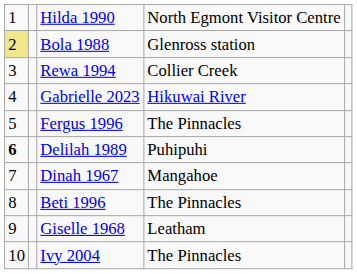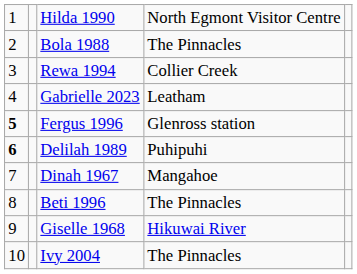 <table class="wikitable">
 <tr>
 <td>1</td>
 <td></td>
 <td><a href='#'>Hilda 1990</a></td>
 <td>North Egmont Visitor Centre</td>
 <td></td>
 </tr>
 <tr>
-<td style="background: khaki;">2</td>
+<td>2</td>
 <td></td>
 <td><a href='#'>Bola 1988</a></td>
-<td>Glenross station</td>
+<td>The Pinnacles</td>
 <td></td>
 </tr>
 <tr>
 <td>3</td>
 <td></td>
 <td><a href='#'>Rewa 1994</a></td>
 <td>Collier Creek</td>
 <td></td>
 </tr>
 <tr>
 <td>4</td>
 <td></td>
 <td><a href='#'>Gabrielle 2023</a></td>
-<td><a href='#'>Hikuwai River</a></td>
+<td>Leatham</td>
 <td></td>
 </tr>
 <tr>
-<td>5</td>
+<td><strong>5</strong></td>
 <td></td>
 <td><a href='#'>Fergus 1996</a></td>
-<td>The Pinnacles</td>
+<td>Glenross station</td>
 <td></td>
 </tr>
 <tr>
 <td><strong>6</strong></td>
 <td></td>
 <td><a href='#'>Delilah 1989</a></td>
 <td>Puhipuhi</td>
 <td></td>
 </tr>
 <tr>
 <td>7</td>
 <td></td>
 <td><a href='#'>Dinah 1967</a></td>
 <td>Mangahoe</td>
 <td></td>
 </tr>
 <tr>
 <td>8</td>
 <td></td>
 <td><a href='#'>Beti 1996</a></td>
 <td>The Pinnacles</td>
 <td></td>
 </tr>
 <tr>
 <td>9</td>
 <td></td>
 <td><a href='#'>Giselle 1968</a></td>
-<td>Leatham</td>
+<td><a href='#'>Hikuwai River</a></td>
 <td></td>
 </tr>
 <tr>
 <td>10</td>
 <td></td>
 <td><a href='#'>Ivy 2004</a></td>
 <td>The Pinnacles</td>
 <td></td>
 </tr>
 </table>
